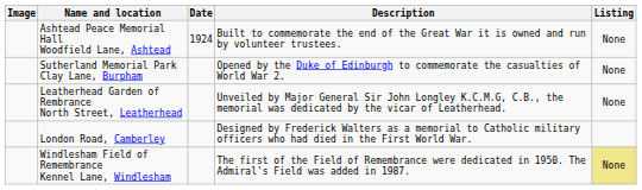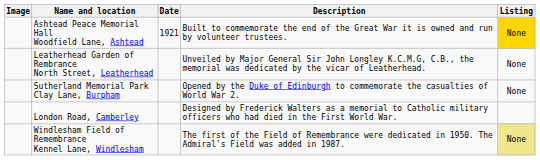 <table class="wikitable sortable sticky-header">
 <tr>
 <th scope="col" class="unsortable">Image</th>
 <th scope="col" width=200px>Name and location</th>
 <th>Date</th>
 <th scope="col" class="unsortable">Description</th>
 <th>Listing</th>
 </tr>
 <tr>
 <td></td>
 <td>Ashtead Peace Memorial Hall<br>Woodfield Lane, <a href='#'>Ashtead</a><br> </td>
-<td colspan=1 style="text-align: center;">1924</td>
+<td colspan=1 style="text-align: center;">1921</td>
 <td>Built to commemorate the end of the Great War it is owned and run by volunteer trustees.</td>
+<td style="background: gold; text-align: center;">None</td>
+</tr>
+<tr>
+<td></td>
+<td>Leatherhead Garden of Rembrance<br>North Street, <a href='#'>Leatherhead</a><br> </td>
+<td style="text-align: center;"></td>
+<td>Unveiled by Major General Sir John Longley K.C.M.G, C.B., the memorial was dedicated by the vicar of Leatherhead.</td>
 <td style="text-align: center;">None</td>
 </tr>
 <tr>
 <td></td>
 <td>Sutherland Memorial Park<br>Clay Lane, <a href='#'>Burpham</a> </td>
 <td style="text-align: center;"></td>
 <td>Opened by the <a href='#'>Duke of Edinburgh</a> to commemorate the casualties of World War 2.</td>
 <td colspan=1 style="text-align: center;">None</td>
-</tr>
-<tr>
-<td></td>
-<td>Leatherhead Garden of Rembrance<br>North Street, <a href='#'>Leatherhead</a><br> </td>
-<td style="text-align: center;"></td>
-<td>Unveiled by Major General Sir John Longley K.C.M.G, C.B., the memorial was dedicated by the vicar of Leatherhead.</td>
-<td style="text-align: center;">None</td>
 </tr>
 <tr>
 <td></td>
 <td><br>London Road, <a href='#'>Camberley</a><br></td>
 <td colspan=1 style="text-align: center;"></td>
 <td>Designed by Frederick Walters as a memorial to Catholic military officers who had died in the First World War.</td>
 <td colspan=1 style="text-align: center;"><br></td>
 </tr>
 <tr>
 <td></td>
 <td>Windlesham Field of Remembrance<br>Kennel Lane, <a href='#'>Windlesham</a><br></td>
 <td colspan=1 style="text-align: center;"></td>
 <td>The first  of the Field of Remembrance were dedicated in 1950. The  Admiral's Field was added in 1987.</td>
 <td colspan=1 style="background: khaki; text-align: center;">None</td>
 </tr>
 </table>
